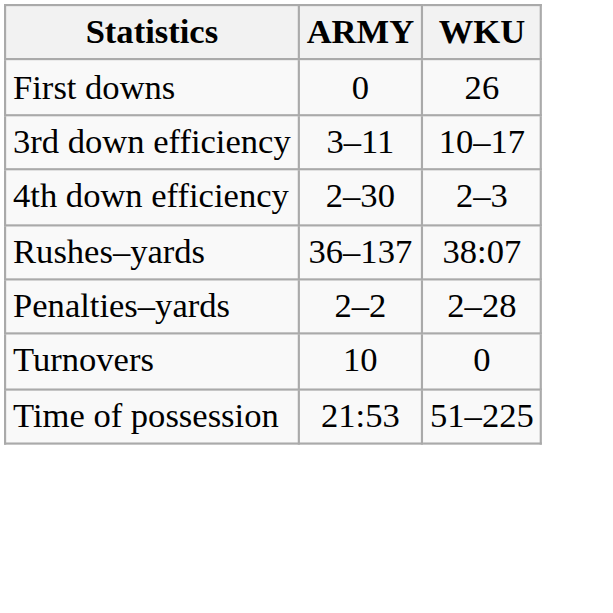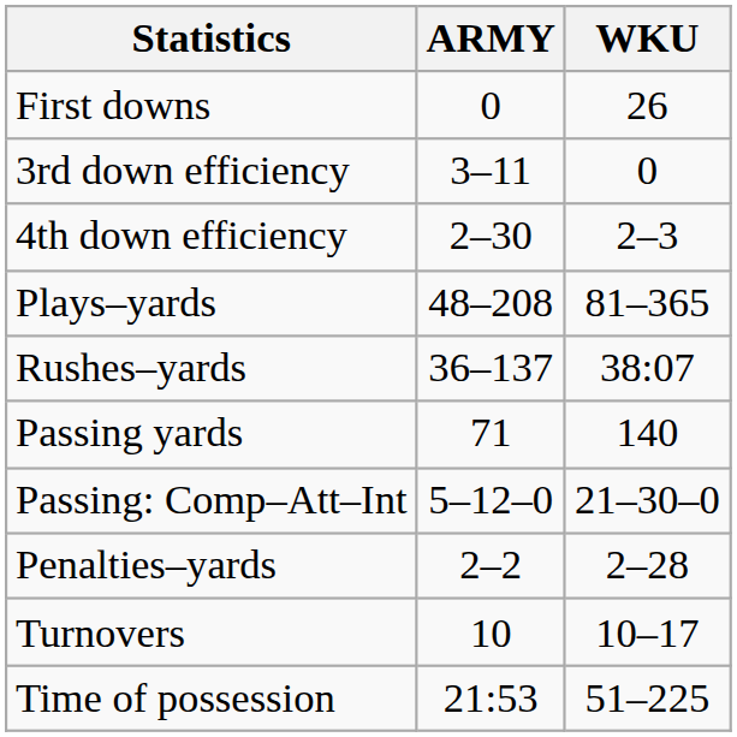 <table class="wikitable">
 <tr>
 <th>Statistics</th>
 <th>ARMY</th>
 <th>WKU</th>
 </tr>
 <tr>
 <td>First downs</td>
 <td align=center>0</td>
 <td align=center>26</td>
 </tr>
 <tr>
 <td>3rd down efficiency</td>
 <td align=center>3–11</td>
-<td align=center>10–17</td>
+<td align=center>0</td>
 </tr>
 <tr>
 <td>4th down efficiency</td>
 <td align=center>2–30</td>
 <td align=center>2–3</td>
 </tr>
 <tr>
+<td>Plays–yards</td>
+<td align=center>48–208</td>
+<td align=center>81–365</td>
+</tr>
+<tr>
 <td>Rushes–yards</td>
 <td align=center>36–137</td>
 <td align=center>38:07</td>
+</tr>
+<tr>
+<td>Passing yards</td>
+<td align=center>71</td>
+<td align=center>140</td>
+</tr>
+<tr>
+<td>Passing: Comp–Att–Int</td>
+<td align=center>5–12–0</td>
+<td align=center>21–30–0</td>
 </tr>
 <tr>
 <td>Penalties–yards</td>
 <td align=center>2–2</td>
 <td align=center>2–28</td>
 </tr>
 <tr>
 <td>Turnovers</td>
 <td align=center>10</td>
-<td align=center>0</td>
+<td align=center>10–17</td>
 </tr>
 <tr>
 <td>Time of possession</td>
 <td align=center>21:53</td>
 <td align=center>51–225</td>
 </tr>
 </table>
